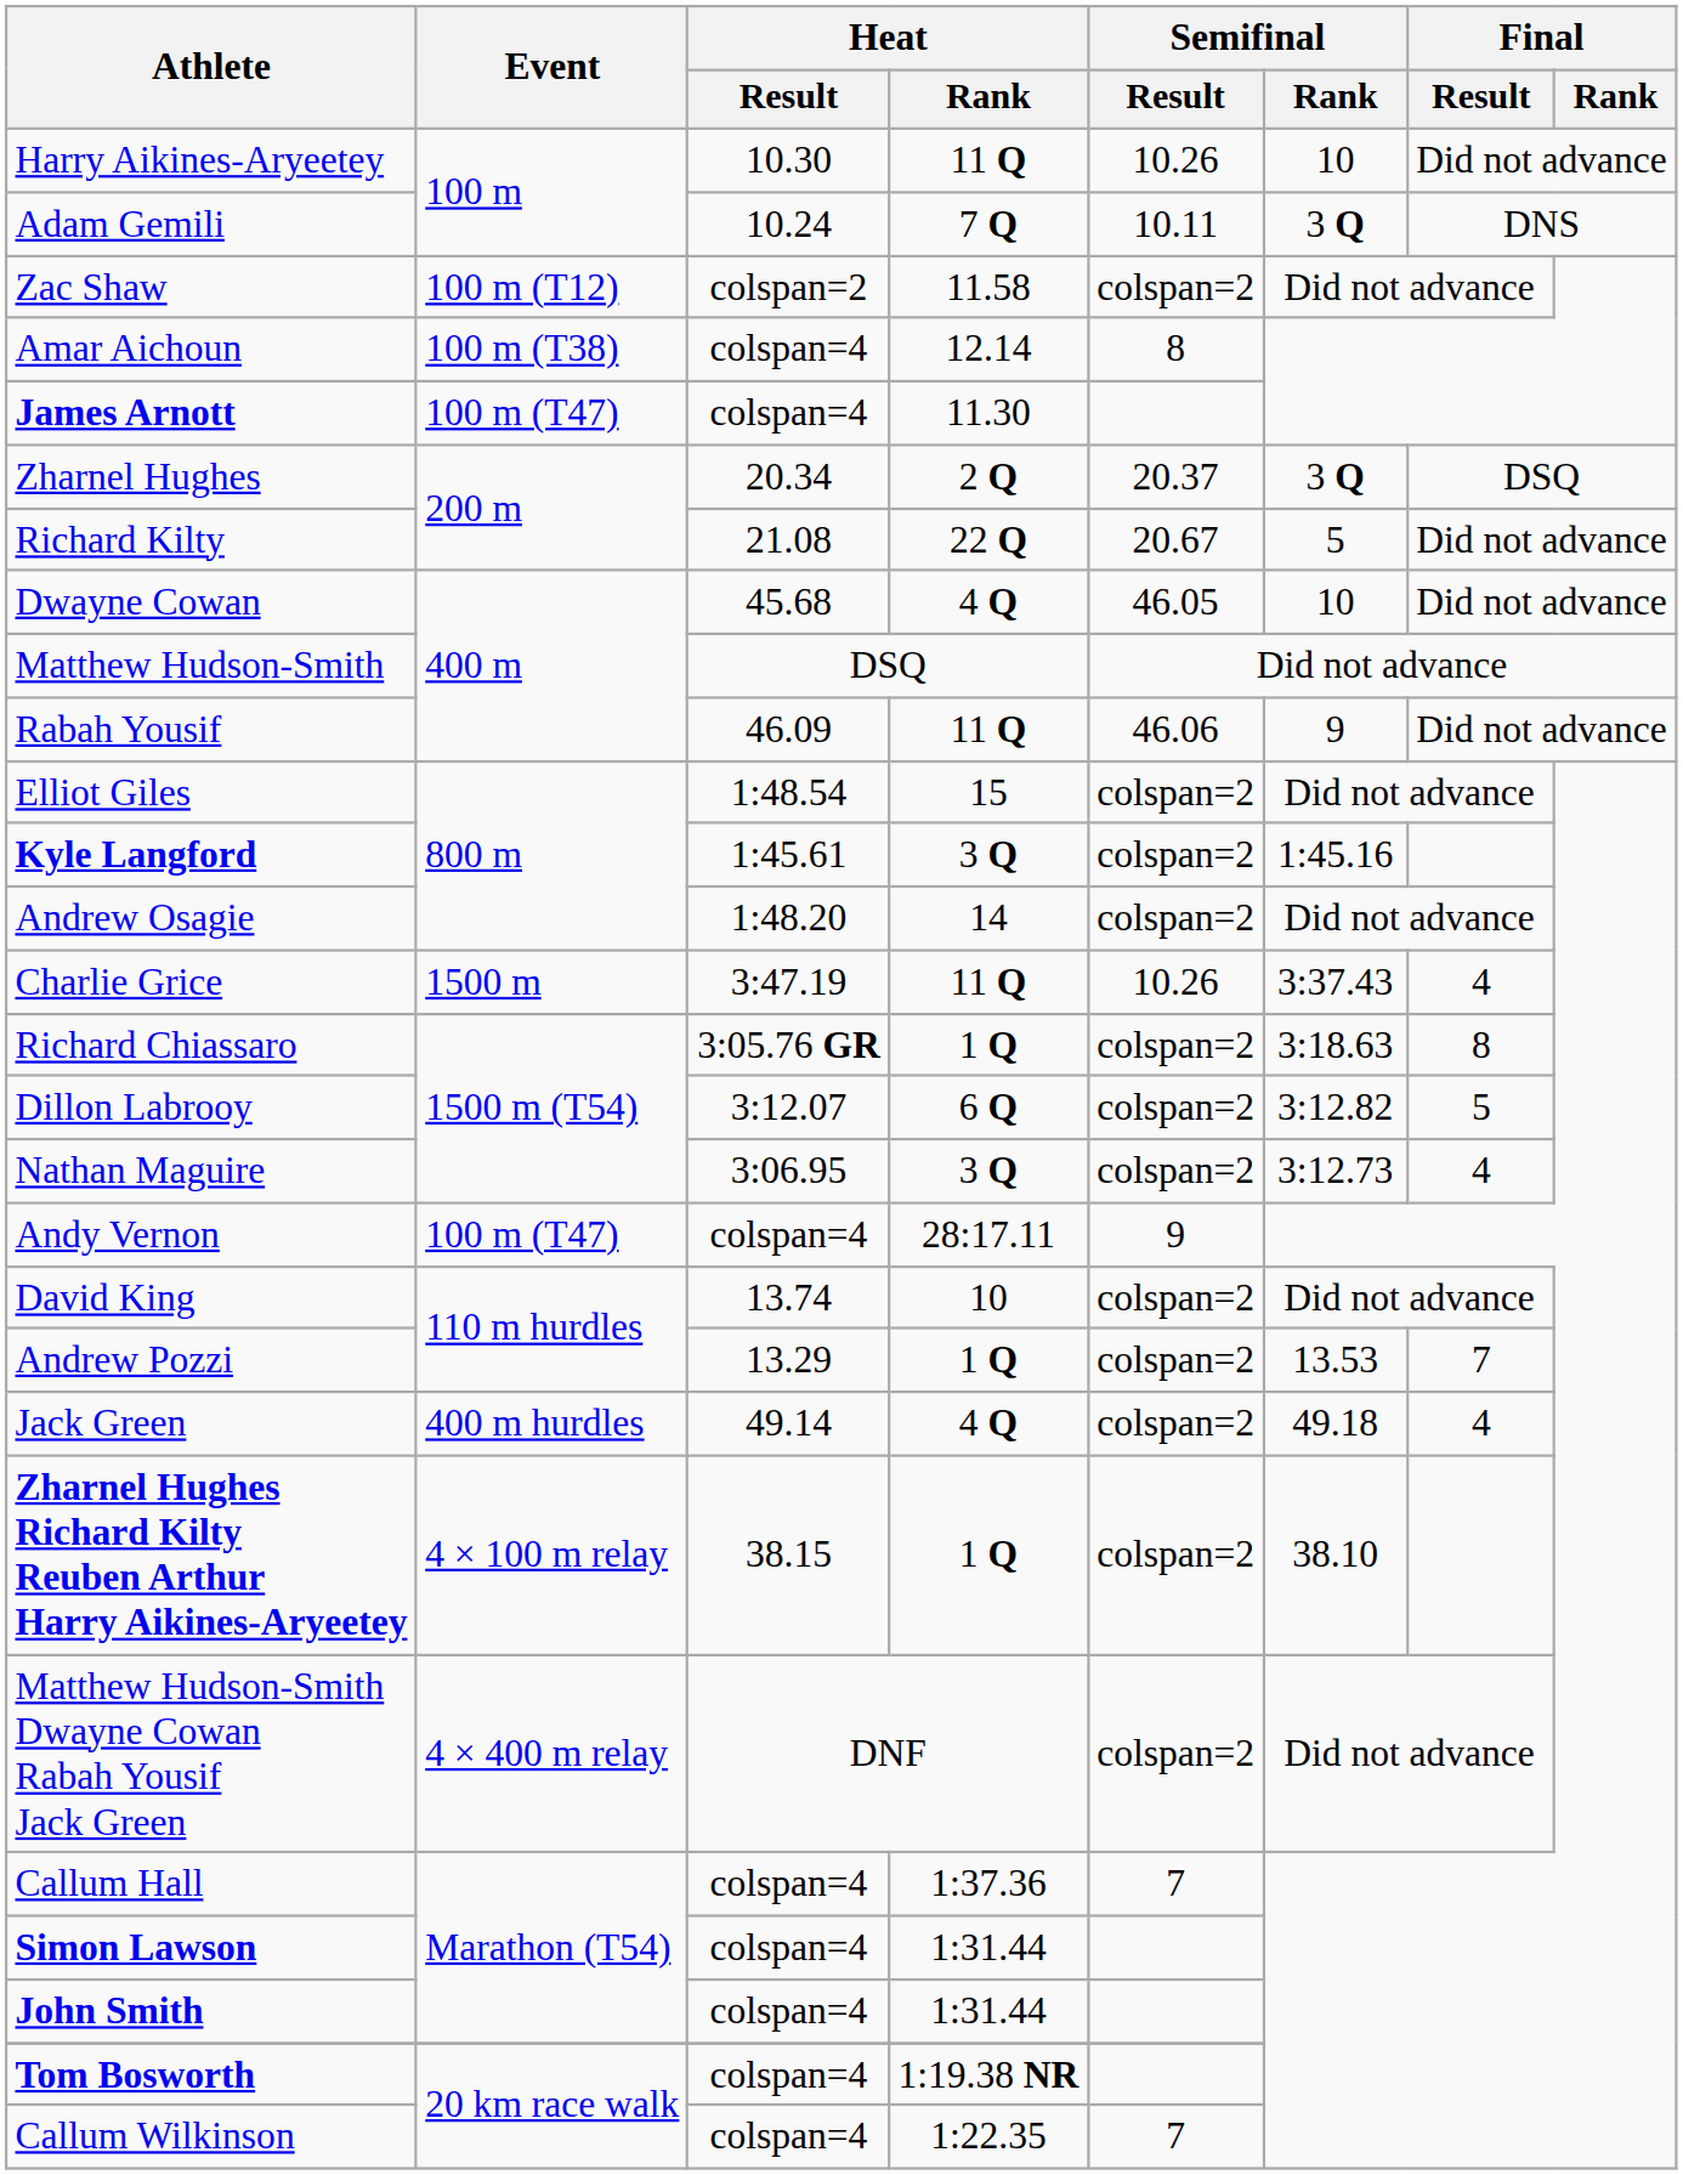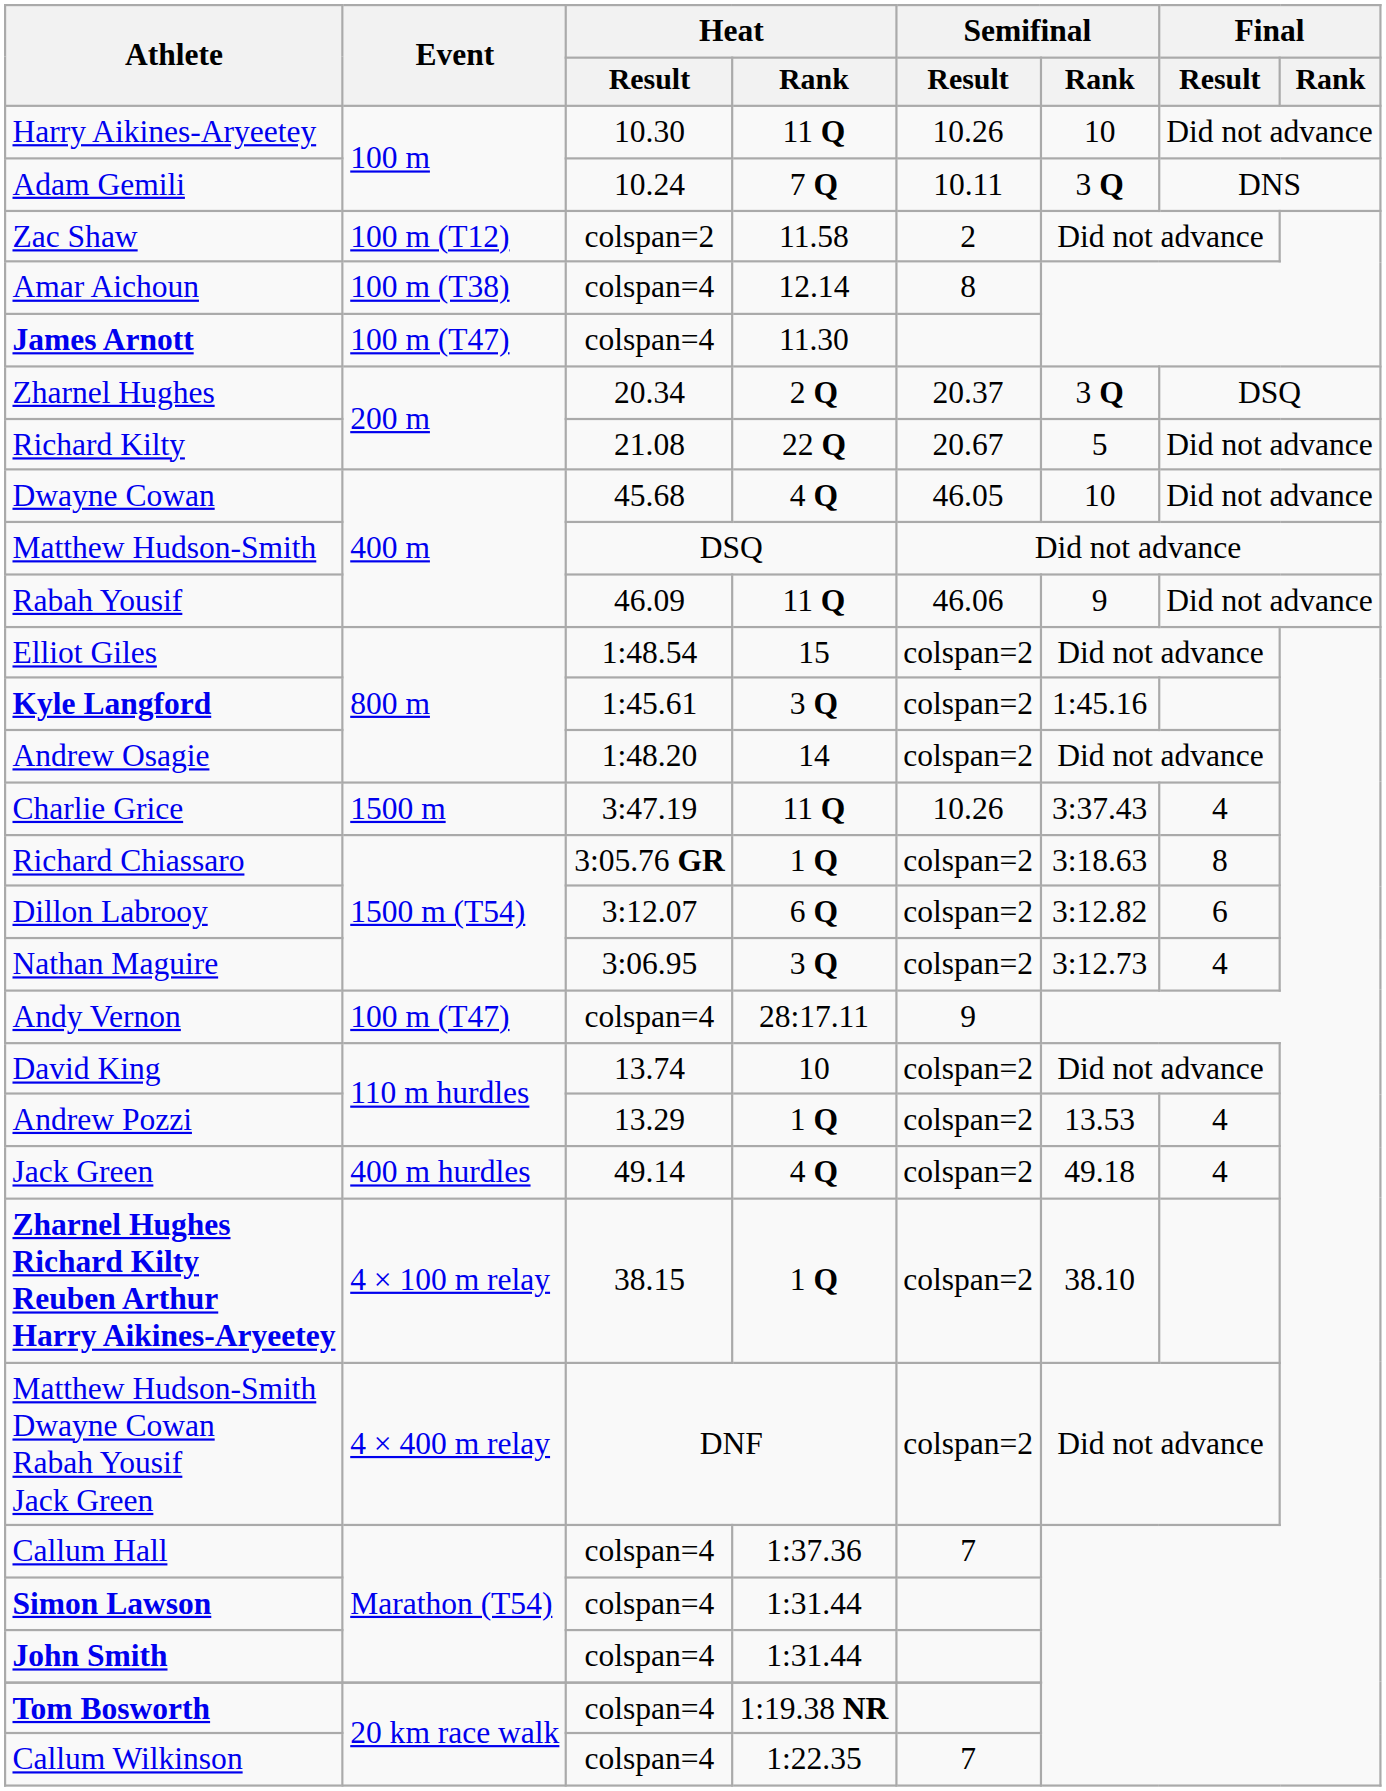 <table class="wikitable" style="font-size:90%">
 <tr>
 <th rowspan=2>Athlete</th>
 <th rowspan=2>Event</th>
 <th colspan=2>Heat</th>
 <th colspan=2>Semifinal</th>
 <th colspan=2>Final</th>
 </tr>
 <tr style="font-size:95%">
 <th>Result</th>
 <th>Rank</th>
 <th>Result</th>
 <th>Rank</th>
 <th>Result</th>
 <th>Rank</th>
 </tr>
 <tr align=center>
 <td align=left><a href='#'>Harry Aikines-Aryeetey</a></td>
 <td rowspan="2" style="text-align:left;"><a href='#'>100 m</a></td>
 <td>10.30</td>
 <td>11 <strong>Q</strong></td>
 <td>10.26</td>
 <td>10</td>
 <td colspan=2>Did not advance</td>
 </tr>
 <tr align=center>
 <td align=left><a href='#'>Adam Gemili</a></td>
 <td>10.24</td>
 <td>7 <strong>Q</strong></td>
 <td>10.11</td>
 <td>3 <strong>Q</strong></td>
 <td colspan=2>DNS</td>
 </tr>
 <tr align="center">
 <td align="left"><a href='#'>Zac Shaw</a></td>
 <td rowspan="1" style="text-align:left;"><a href='#'>100 m (T12)</a></td>
 <td>colspan=2 </td>
 <td>11.58</td>
-<td>colspan=2 </td>
+<td>2</td>
 <td colspan=2>Did not advance</td>
 </tr>
 <tr align="center">
 <td align="left"><a href='#'>Amar Aichoun</a></td>
 <td rowspan="1" style="text-align:left;"><a href='#'>100 m (T38)</a></td>
 <td>colspan=4 </td>
 <td>12.14</td>
 <td>8</td>
 </tr>
 <tr align="center">
 <td align="left"><strong><a href='#'>James Arnott</a></strong></td>
 <td rowspan="1" style="text-align:left;"><a href='#'>100 m (T47)</a></td>
 <td>colspan=4 </td>
 <td>11.30</td>
 <td></td>
 </tr>
 <tr align="center">
 <td align="left"><a href='#'>Zharnel Hughes</a></td>
 <td rowspan="2" style="text-align:left;"><a href='#'>200 m</a></td>
 <td>20.34</td>
 <td>2 <strong>Q</strong></td>
 <td>20.37</td>
 <td>3 <strong>Q</strong></td>
 <td colspan=2>DSQ</td>
 </tr>
 <tr align=center>
 <td align=left><a href='#'>Richard Kilty</a></td>
 <td>21.08</td>
 <td>22 <strong>Q</strong></td>
 <td>20.67</td>
 <td>5</td>
 <td colspan=2>Did not advance</td>
 </tr>
 <tr align=center>
 <td align=left><a href='#'>Dwayne Cowan</a></td>
 <td style="text-align:left;" rowspan="3"><a href='#'>400 m</a></td>
 <td>45.68</td>
 <td>4 <strong>Q</strong></td>
 <td>46.05</td>
 <td>10</td>
 <td colspan=2>Did not advance</td>
 </tr>
 <tr align=center>
 <td align=left><a href='#'>Matthew Hudson-Smith</a></td>
 <td colspan=2>DSQ</td>
 <td colspan=4>Did not advance</td>
 </tr>
 <tr align=center>
 <td align=left><a href='#'>Rabah Yousif</a></td>
 <td>46.09</td>
 <td>11 <strong>Q</strong></td>
 <td>46.06</td>
 <td>9</td>
 <td colspan=2>Did not advance</td>
 </tr>
 <tr align=center>
 <td align=left><a href='#'>Elliot Giles</a></td>
 <td style="text-align:left;" rowspan="3"><a href='#'>800 m</a></td>
 <td>1:48.54</td>
 <td>15</td>
 <td>colspan=2 </td>
 <td colspan=2>Did not advance</td>
 </tr>
 <tr align=center>
 <td align=left><strong><a href='#'>Kyle Langford</a></strong></td>
 <td>1:45.61</td>
 <td>3 <strong>Q</strong></td>
 <td>colspan=2 </td>
 <td>1:45.16</td>
 <td></td>
 </tr>
 <tr align=center>
 <td align=left><a href='#'>Andrew Osagie</a></td>
 <td>1:48.20</td>
 <td>14</td>
 <td>colspan=2 </td>
 <td colspan=2>Did not advance</td>
 </tr>
 <tr align=center>
 <td align=left><a href='#'>Charlie Grice</a></td>
 <td style="text-align:left;" rowspan="1"><a href='#'>1500 m</a></td>
 <td>3:47.19</td>
 <td>11 <strong>Q</strong></td>
 <td>10.26</td>
 <td>3:37.43</td>
 <td>4</td>
 </tr>
 <tr align=center>
 <td align=left><a href='#'>Richard Chiassaro</a></td>
 <td style="text-align:left;" rowspan="3"><a href='#'>1500 m (T54)</a></td>
 <td>3:05.76 <strong>GR</strong></td>
 <td>1 <strong>Q</strong></td>
 <td>colspan=2 </td>
 <td>3:18.63</td>
 <td>8</td>
 </tr>
 <tr align=center>
 <td align=left><a href='#'>Dillon Labrooy</a></td>
 <td>3:12.07</td>
 <td>6 <strong>Q</strong></td>
 <td>colspan=2 </td>
 <td>3:12.82</td>
-<td>5</td>
+<td>6</td>
 </tr>
 <tr align=center>
 <td align=left><a href='#'>Nathan Maguire</a></td>
 <td>3:06.95</td>
 <td>3 <strong>Q</strong></td>
 <td>colspan=2 </td>
 <td>3:12.73</td>
 <td>4</td>
 </tr>
 <tr align=center>
 <td align=left><a href='#'>Andy Vernon</a></td>
 <td rowspan="1" style="text-align:left;"><a href='#'>100 m (T47)</a></td>
 <td>colspan=4 </td>
 <td>28:17.11</td>
 <td>9</td>
 </tr>
 <tr align=center>
 <td align=left><a href='#'>David King</a></td>
 <td style="text-align:left;" rowspan="2"><a href='#'>110 m hurdles</a></td>
 <td>13.74</td>
 <td>10</td>
 <td>colspan=2 </td>
 <td colspan=2>Did not advance</td>
 </tr>
 <tr align=center>
 <td align=left><a href='#'>Andrew Pozzi</a></td>
 <td>13.29</td>
 <td>1 <strong>Q</strong></td>
 <td>colspan=2 </td>
 <td>13.53</td>
-<td>7</td>
+<td>4</td>
 </tr>
 <tr align=center>
 <td align=left><a href='#'>Jack Green</a></td>
 <td style="text-align:left;"><a href='#'>400 m hurdles</a></td>
 <td>49.14</td>
 <td>4 <strong>Q</strong></td>
 <td>colspan=2 </td>
 <td>49.18</td>
 <td>4</td>
 </tr>
 <tr align=center>
 <td align=left><strong><a href='#'>Zharnel Hughes</a><br><a href='#'>Richard Kilty</a><br><a href='#'>Reuben Arthur</a><br><a href='#'>Harry Aikines-Aryeetey</a></strong></td>
 <td align=left><a href='#'>4 × 100 m relay</a></td>
 <td>38.15</td>
 <td>1 <strong>Q</strong></td>
 <td>colspan=2 </td>
 <td>38.10</td>
 <td></td>
 </tr>
 <tr align=center>
 <td align=left><a href='#'>Matthew Hudson-Smith</a><br><a href='#'>Dwayne Cowan</a><br><a href='#'>Rabah Yousif</a><br><a href='#'>Jack Green</a></td>
 <td align=left><a href='#'>4 × 400 m relay</a></td>
 <td colspan=2>DNF</td>
 <td>colspan=2 </td>
 <td colspan=2>Did not advance</td>
 </tr>
 <tr align=center>
 <td align=left><a href='#'>Callum Hall</a></td>
 <td style="text-align:left;" rowspan="3"><a href='#'>Marathon (T54)</a></td>
 <td>colspan=4 </td>
 <td>1:37.36</td>
 <td>7</td>
 </tr>
 <tr align=center>
 <td align=left><strong><a href='#'>Simon Lawson</a></strong></td>
 <td>colspan=4 </td>
 <td>1:31.44</td>
 <td></td>
 </tr>
 <tr align=center>
 <td align=left><strong><a href='#'>John Smith</a></strong></td>
 <td>colspan=4 </td>
 <td>1:31.44</td>
 <td></td>
 </tr>
 <tr>
 </tr>
 <tr align=center>
 <td align=left><strong><a href='#'>Tom Bosworth</a></strong></td>
 <td style="text-align:left;" rowspan="2"><a href='#'>20 km race walk</a></td>
 <td>colspan=4 </td>
 <td>1:19.38 <strong>NR</strong></td>
 <td></td>
 </tr>
 <tr align=center>
 <td align=left><a href='#'>Callum Wilkinson</a></td>
 <td>colspan=4 </td>
 <td>1:22.35</td>
 <td>7</td>
 </tr>
 </table>
